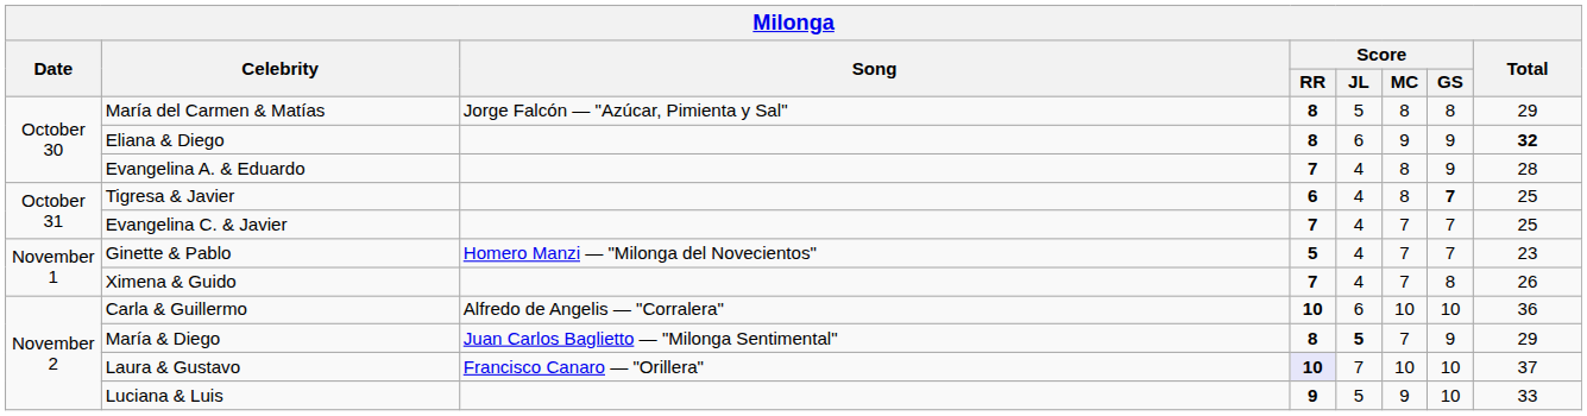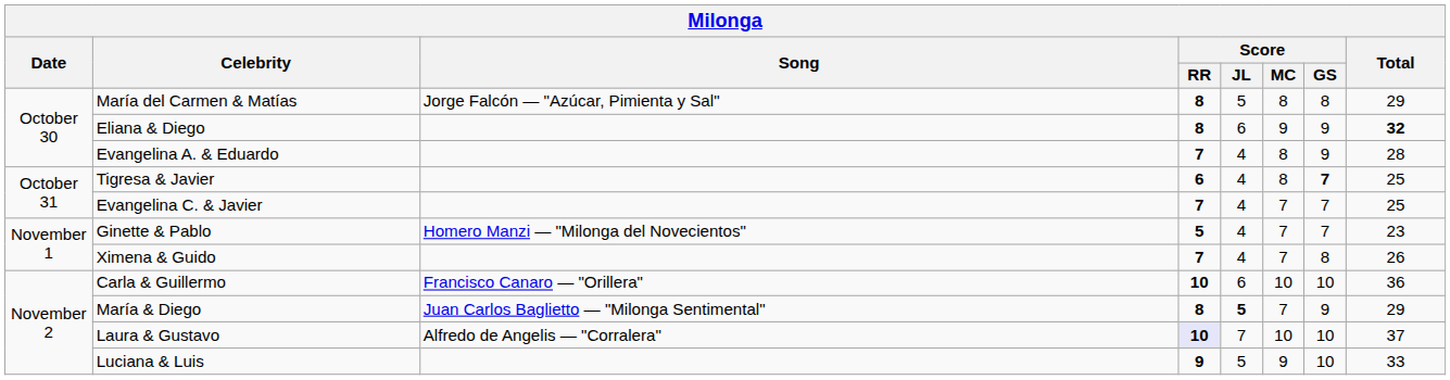 <table class="wikitable collapsible collapsed" style="font-size:90%; text-align: center; width: 100%;">
 <tr>
 <th colspan="11" style="with: 95%;"><big><a href='#'>Milonga</a></big></th>
 </tr>
 <tr>
 <th width=70 rowspan="2">Date</th>
 <th width=280 rowspan="2">Celebrity</th>
 <th rowspan="2">Song</th>
 <th colspan="4">Score</th>
 <th rowspan="2">Total</th>
 </tr>
 <tr>
 <th width=30>RR</th>
 <th width=30>JL</th>
 <th width=30>MC</th>
 <th width=30>GS</th>
 </tr>
 <tr>
 <td rowspan="3">October 30</td>
 <td style="text-align:left;">María del Carmen & Matías</td>
 <td style="text-align:left;">Jorge Falcón — "Azúcar, Pimienta y Sal"</td>
 <td><strong>8</strong></td>
 <td>5</td>
 <td>8</td>
 <td>8</td>
 <td>29</td>
 </tr>
 <tr>
 <td style="text-align:left;">Eliana & Diego</td>
 <td></td>
 <td><strong>8</strong></td>
 <td>6</td>
 <td>9</td>
 <td>9</td>
 <td><strong>32</strong></td>
 </tr>
 <tr>
 <td style="text-align:left;">Evangelina A. & Eduardo</td>
 <td></td>
 <td><strong>7</strong></td>
 <td>4</td>
 <td>8</td>
 <td>9</td>
 <td>28</td>
 </tr>
 <tr>
 <td rowspan="2">October 31</td>
 <td style="text-align:left;">Tigresa & Javier</td>
 <td></td>
 <td><strong>6</strong></td>
 <td>4</td>
 <td>8</td>
 <td><strong>7</strong></td>
 <td>25</td>
 </tr>
 <tr>
 <td style="text-align:left;">Evangelina C. & Javier</td>
 <td></td>
 <td><strong>7</strong></td>
 <td>4</td>
 <td>7</td>
 <td>7</td>
 <td>25</td>
 </tr>
 <tr>
 <td rowspan="2">November 1</td>
 <td style="text-align:left;">Ginette & Pablo</td>
 <td style="text-align:left;"><a href='#'>Homero Manzi</a> — "Milonga del Novecientos"</td>
 <td><strong>5</strong></td>
 <td>4</td>
 <td>7</td>
 <td>7</td>
 <td>23</td>
 </tr>
 <tr>
 <td style="text-align:left;">Ximena & Guido</td>
 <td></td>
 <td><strong>7</strong></td>
 <td>4</td>
 <td>7</td>
 <td>8</td>
 <td>26</td>
 </tr>
 <tr>
 <td rowspan="4">November 2</td>
 <td style="text-align:left;">Carla & Guillermo</td>
-<td style="text-align:left;">Alfredo de Angelis — "Corralera"</td>
+<td style="text-align:left;"><a href='#'>Francisco Canaro</a> — "Orillera"</td>
 <td><strong>10</strong></td>
 <td>6</td>
 <td>10</td>
 <td>10</td>
 <td>36</td>
 </tr>
 <tr>
 <td style="text-align:left;">María & Diego</td>
 <td style="text-align:left;"><a href='#'>Juan Carlos Baglietto</a> — "Milonga Sentimental"</td>
 <td><strong>8</strong></td>
 <td><strong>5</strong></td>
 <td>7</td>
 <td>9</td>
 <td>29</td>
 </tr>
 <tr>
 <td style="text-align:left;">Laura & Gustavo</td>
-<td style="text-align:left;"><a href='#'>Francisco Canaro</a> — "Orillera"</td>
+<td style="text-align:left;">Alfredo de Angelis — "Corralera"</td>
 <td style="background: lavender;"><strong>10</strong></td>
 <td>7</td>
 <td>10</td>
 <td>10</td>
 <td>37</td>
 </tr>
 <tr>
 <td style="text-align:left;">Luciana & Luis</td>
 <td></td>
 <td><strong>9</strong></td>
 <td>5</td>
 <td>9</td>
 <td>10</td>
 <td>33</td>
 </tr>
 </table>
